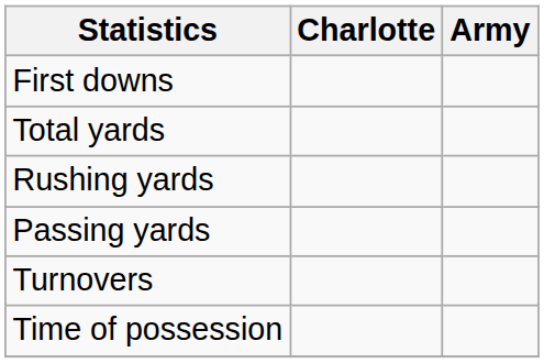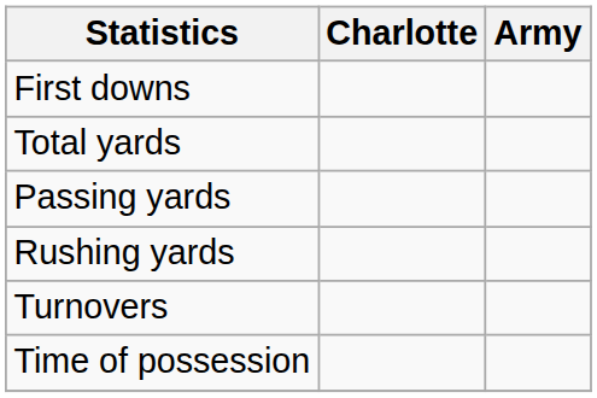 <table class="wikitable" style="float: left;">
 <tr>
 <th>Statistics</th>
 <th>Charlotte</th>
 <th>Army</th>
 </tr>
 <tr>
 <td>First downs</td>
 <td></td>
 <td></td>
 </tr>
 <tr>
 <td>Total yards</td>
 <td></td>
 <td></td>
 </tr>
 <tr>
-<td>Rushing yards</td>
+<td>Passing yards</td>
 <td></td>
 <td></td>
 </tr>
 <tr>
-<td>Passing yards</td>
+<td>Rushing yards</td>
 <td></td>
 <td></td>
 </tr>
 <tr>
 <td>Turnovers</td>
 <td></td>
 <td></td>
 </tr>
 <tr>
 <td>Time of possession</td>
 <td></td>
 <td></td>
 </tr>
 <tr>
 </tr>
 </table>
